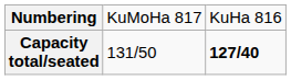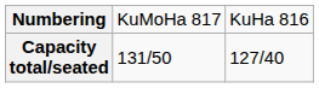 <table class="wikitable">
 <tr>
 <th>Numbering</th>
 <td>KuMoHa 817</td>
 <td>KuHa 816</td>
 </tr>
 <tr>
 <th>Capacity<br>total/seated</th>
 <td>131/50</td>
-<td><strong>127/40</strong></td>
+<td>127/40</td>
 </tr>
 </table>
